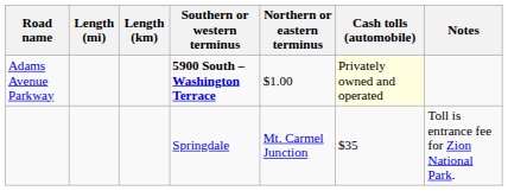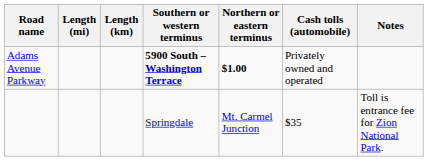 <table class="wikitable">
 <tr>
 <th scope="col">Road name</th>
 <th scope="col">Length (mi)</th>
 <th scope="col">Length (km)</th>
 <th scope="col">Southern or western terminus</th>
 <th scope="col">Northern or eastern terminus</th>
 <th scope="col">Cash tolls (automobile)</th>
 <th scope="col">Notes</th>
 </tr>
 <tr>
 <td><a href='#'>Adams Avenue Parkway</a></td>
 <td></td>
 <td></td>
 <td><strong>5900 South – <a href='#'>Washington Terrace</a></strong></td>
-<td>$1.00</td>
-<td style="background: lightyellow;">Privately owned and operated</td>
+<td><strong>$1.00</strong></td>
+<td>Privately owned and operated</td>
 </tr>
 <tr>
 <td></td>
 <td></td>
 <td></td>
 <td><a href='#'>Springdale</a></td>
 <td><a href='#'>Mt. Carmel Junction</a></td>
 <td>$35</td>
 <td>Toll is entrance fee for <a href='#'>Zion National Park</a>.</td>
 </tr>
 </table>
